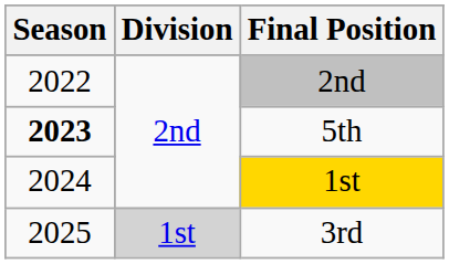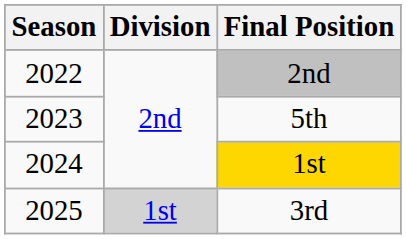 <table class="wikitable sortable">
 <tr>
 <th>Season</th>
 <th>Division</th>
 <th>Final Position</th>
 </tr>
 <tr>
 <td align=center>2022</td>
 <td rowspan=3 align=center><a href='#'>2nd</a></td>
 <td align=center style="background:silver;">2nd</td>
 </tr>
 <tr>
-<td align=center><strong>2023</strong></td>
+<td align=center>2023</td>
 <td align=center>5th</td>
 </tr>
 <tr>
 <td align=center>2024</td>
 <td align=center style="background:gold;">1st</td>
 </tr>
 <tr>
 <td align=center>2025</td>
 <td align=center style="background: lightgrey;"><a href='#'>1st</a></td>
 <td align=center>3rd</td>
 </tr>
 </table>
